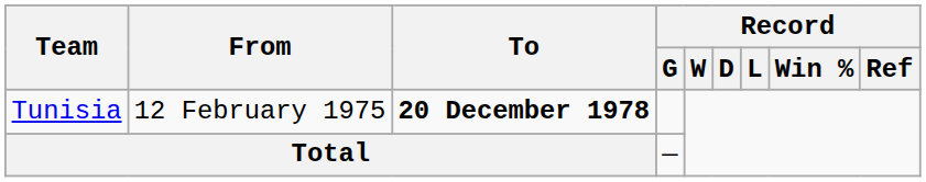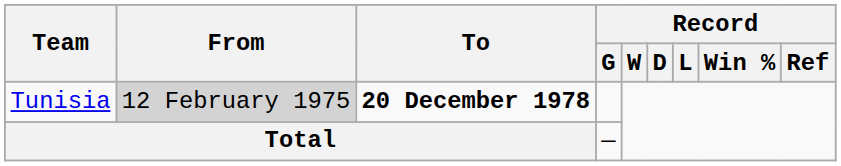 <table class="wikitable" style="text-align: center">
 <tr>
 <th rowspan="2">Team</th>
 <th rowspan="2">From</th>
 <th rowspan="2">To</th>
 <th colspan="6">Record</th>
 </tr>
 <tr>
 <th>G</th>
 <th>W</th>
 <th>D</th>
 <th>L</th>
 <th>Win %</th>
 <th>Ref</th>
 </tr>
 <tr>
 <td align=left><a href='#'>Tunisia</a></td>
-<td align=left>12 February 1975</td>
+<td align=left style="background: lightgrey;">12 February 1975</td>
 <td align=left><strong>20 December 1978<br></strong></td>
 <td></td>
 </tr>
 <tr>
 <th colspan="3">Total<br></th>
 <td>—</td>
 </tr>
 </table>
